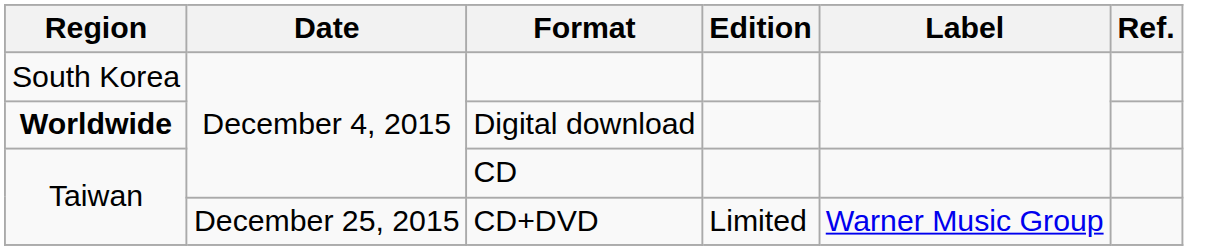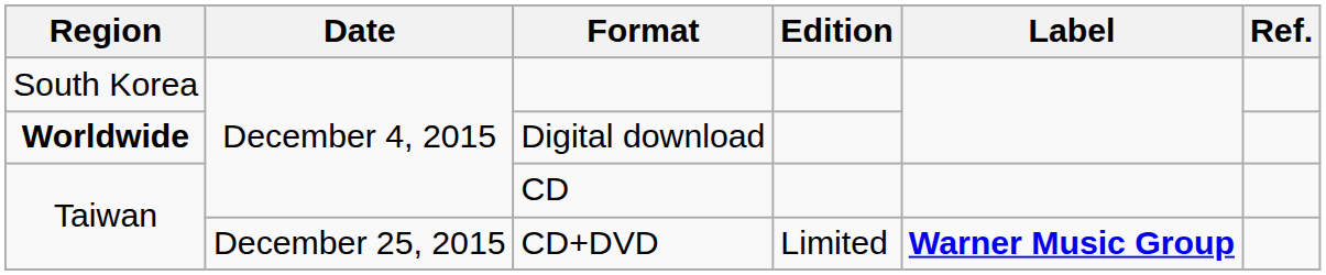 <table class="wikitable">
 <tr>
 <th style="text-align:center;">Region</th>
 <th style="text-align:center;">Date</th>
 <th style="text-align:center;">Format</th>
 <th style="text-align:center;">Edition</th>
 <th style="text-align:center;">Label</th>
 <th style="text-align:center;">Ref.</th>
 </tr>
 <tr>
 <td style="text-align:center;">South Korea</td>
 <td style="text-align:center;" rowspan="3">December 4, 2015</td>
 <td></td>
 <td></td>
 <td rowspan="2"></td>
 <td></td>
 </tr>
 <tr>
 <td style="text-align:center;"><strong>Worldwide</strong></td>
 <td>Digital download</td>
 <td></td>
 <td style="text-align:center;"></td>
 </tr>
 <tr>
 <td style="text-align:center;" rowspan="2">Taiwan</td>
 <td>CD</td>
 <td></td>
 <td></td>
 <td style="text-align:center;"></td>
 </tr>
 <tr>
 <td style="text-align:center;">December 25, 2015</td>
 <td>CD+DVD</td>
 <td>Limited</td>
-<td><a href='#'>Warner Music Group</a></td>
+<td><strong><a href='#'>Warner Music Group</a></strong></td>
 <td style="text-align:center;"></td>
 </tr>
 </table>
